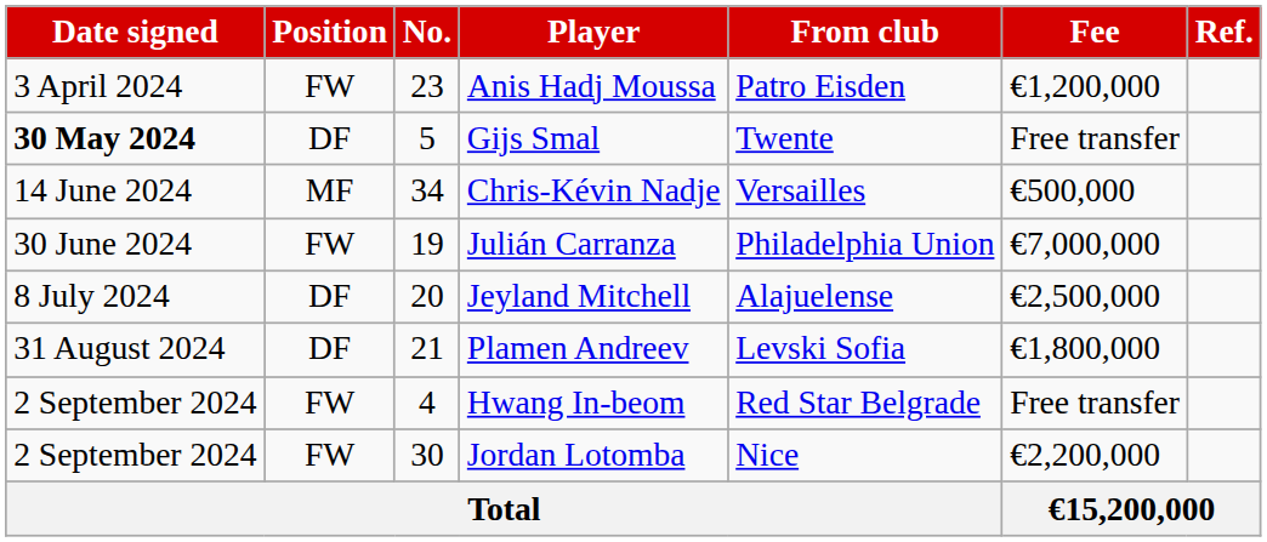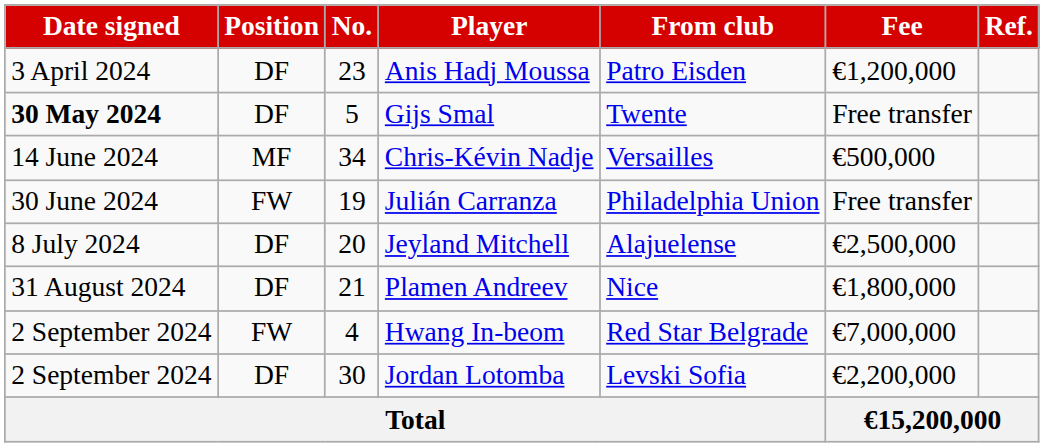 <table class="wikitable sortable">
 <tr>
 <th style="background:#d50000; color:white;">Date signed</th>
 <th style="background:#d50000; color:white;">Position</th>
 <th style="background:#d50000; color:white;">No.</th>
 <th style="background:#d50000; color:white;">Player</th>
 <th style="background:#d50000; color:white;">From club</th>
 <th style="background:#d50000; color:white;">Fee</th>
 <th style="background:#d50000; color:white;">Ref.</th>
 </tr>
 <tr>
 <td>3 April 2024</td>
-<td style="text-align:center;">FW</td>
+<td style="text-align:center;">DF</td>
 <td style="text-align:center;">23</td>
 <td style="text-align;left:"> <a href='#'>Anis Hadj Moussa</a></td>
 <td style="text-align:left;"> <a href='#'>Patro Eisden</a></td>
 <td>€1,200,000</td>
 <td></td>
 </tr>
 <tr>
 <td><strong>30 May 2024</strong></td>
 <td style="text-align:center;">DF</td>
 <td style="text-align:center;">5</td>
 <td style="text-align:left;"> <a href='#'>Gijs Smal</a></td>
 <td style="text-align:left;"> <a href='#'>Twente</a></td>
 <td>Free transfer</td>
 <td></td>
 </tr>
 <tr>
 <td>14 June 2024</td>
 <td style="text-align:center;">MF</td>
 <td style="text-align:center;">34</td>
 <td style="text-align:left;"> <a href='#'>Chris-Kévin Nadje</a></td>
 <td style="text-align:left;"> <a href='#'>Versailles</a></td>
 <td>€500,000</td>
 <td></td>
 </tr>
 <tr>
 <td>30 June 2024</td>
 <td style="text-align:center;">FW</td>
 <td style="text-align:center;">19</td>
 <td style="text-align:left;"> <a href='#'>Julián Carranza</a></td>
 <td style="text-align:left;"> <a href='#'>Philadelphia Union</a></td>
-<td>€7,000,000</td>
+<td>Free transfer</td>
 <td></td>
 </tr>
 <tr>
 <td>8 July 2024</td>
 <td style="text-align:center;">DF</td>
 <td style="text-align:center;">20</td>
 <td style="text-align:left;"> <a href='#'>Jeyland Mitchell</a></td>
 <td style="text-align:left;"> <a href='#'>Alajuelense</a></td>
 <td>€2,500,000</td>
 <td></td>
 </tr>
 <tr>
 <td>31 August 2024</td>
 <td style="text-align:center;">DF</td>
 <td style="text-align:center;">21</td>
 <td style="text-align:left;"> <a href='#'>Plamen Andreev</a></td>
-<td style="text-align:left;"> <a href='#'>Levski Sofia</a></td>
+<td style="text-align:left;"> <a href='#'>Nice</a></td>
 <td>€1,800,000</td>
 <td></td>
 </tr>
 <tr>
 <td>2 September 2024</td>
 <td style="text-align:center;">FW</td>
 <td style="text-align:center;">4</td>
 <td style="text-align:left;"> <a href='#'>Hwang In-beom</a></td>
 <td style="text-align:left;"> <a href='#'>Red Star Belgrade</a></td>
-<td>Free transfer</td>
+<td>€7,000,000</td>
 <td></td>
 </tr>
 <tr>
 <td>2 September 2024</td>
-<td style="text-align:center;">FW</td>
+<td style="text-align:center;">DF</td>
 <td style="text-align:center;">30</td>
 <td style="text-align:left;"> <a href='#'>Jordan Lotomba</a></td>
-<td style="text-align:left;"> <a href='#'>Nice</a></td>
+<td style="text-align:left;"> <a href='#'>Levski Sofia</a></td>
 <td>€2,200,000</td>
 <td></td>
 </tr>
 <tr>
 <th colspan="5">Total</th>
 <th colspan="2">€15,200,000</th>
 </tr>
 </table>
